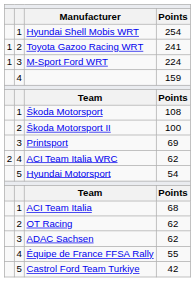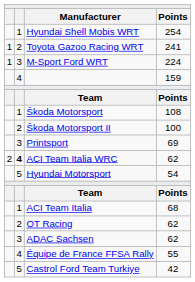 <table class="wikitable" style="font-size: 85%;">
 <tr>
 <td style="background-color:#EAECF0; text-align:center" colspan="4"></td>
 </tr>
 <tr>
 <th></th>
 <th></th>
 <th>Manufacturer</th>
 <th>Points</th>
 </tr>
 <tr>
 <td align="left"></td>
 <td align="center">1</td>
 <td> <a href='#'>Hyundai Shell Mobis WRT</a></td>
 <td align="center">254</td>
 </tr>
 <tr>
 <td align="left"> 1</td>
 <td align="center">2</td>
 <td> <a href='#'>Toyota Gazoo Racing WRT</a></td>
 <td align="center">241</td>
 </tr>
 <tr>
 <td align="left"> 1</td>
 <td align="center">3</td>
 <td> <a href='#'>M-Sport Ford WRT</a></td>
 <td align="center">224</td>
 </tr>
 <tr>
 <td align="left"></td>
 <td align="center">4</td>
 <td></td>
 <td align="center">159</td>
 </tr>
 <tr>
 <td style="background-color:#EAECF0; text-align:center" colspan="4"></td>
 </tr>
 <tr>
 <th></th>
 <th></th>
 <th>Team</th>
 <th>Points</th>
 </tr>
 <tr>
 <td align="left"></td>
 <td align="center">1</td>
 <td> <a href='#'>Škoda Motorsport</a></td>
 <td align="center">108</td>
 </tr>
 <tr>
 <td align="left"></td>
 <td align="center">2</td>
 <td> <a href='#'>Škoda Motorsport II</a></td>
 <td align="center">100</td>
 </tr>
 <tr>
 <td align="left"></td>
 <td align="center">3</td>
 <td> <a href='#'>Printsport</a></td>
 <td align="center">69</td>
 </tr>
 <tr>
 <td align="left"> 2</td>
-<td align="center">4</td>
+<td align="center"><strong>4</strong></td>
 <td> <a href='#'>ACI Team Italia WRC</a></td>
 <td align="center">62</td>
 </tr>
 <tr>
 <td align="left"></td>
 <td align="center">5</td>
 <td> <a href='#'>Hyundai Motorsport</a></td>
 <td align="center">54</td>
 </tr>
 <tr>
 <td style="background-color:#EAECF0; text-align:center" colspan="4"></td>
 </tr>
 <tr>
 <th></th>
 <th></th>
 <th>Team</th>
 <th>Points</th>
 </tr>
 <tr>
 <td align="left"></td>
 <td align="center">1</td>
 <td> <a href='#'>ACI Team Italia</a></td>
 <td align="center">68</td>
 </tr>
 <tr>
 <td align="left"></td>
 <td align="center">2</td>
 <td> <a href='#'>OT Racing</a></td>
 <td align="center">62</td>
 </tr>
 <tr>
 <td align="left"></td>
 <td align="center">3</td>
 <td> <a href='#'>ADAC Sachsen</a></td>
 <td align="center">62</td>
 </tr>
 <tr>
 <td align="left"></td>
 <td align="center">4</td>
 <td> <a href='#'>Équipe de France FFSA Rally</a></td>
 <td align="center">55</td>
 </tr>
 <tr>
 <td align="left"></td>
 <td align="center">5</td>
 <td> <a href='#'>Castrol Ford Team Turkiye</a></td>
 <td align="center">42</td>
 </tr>
 </table>
